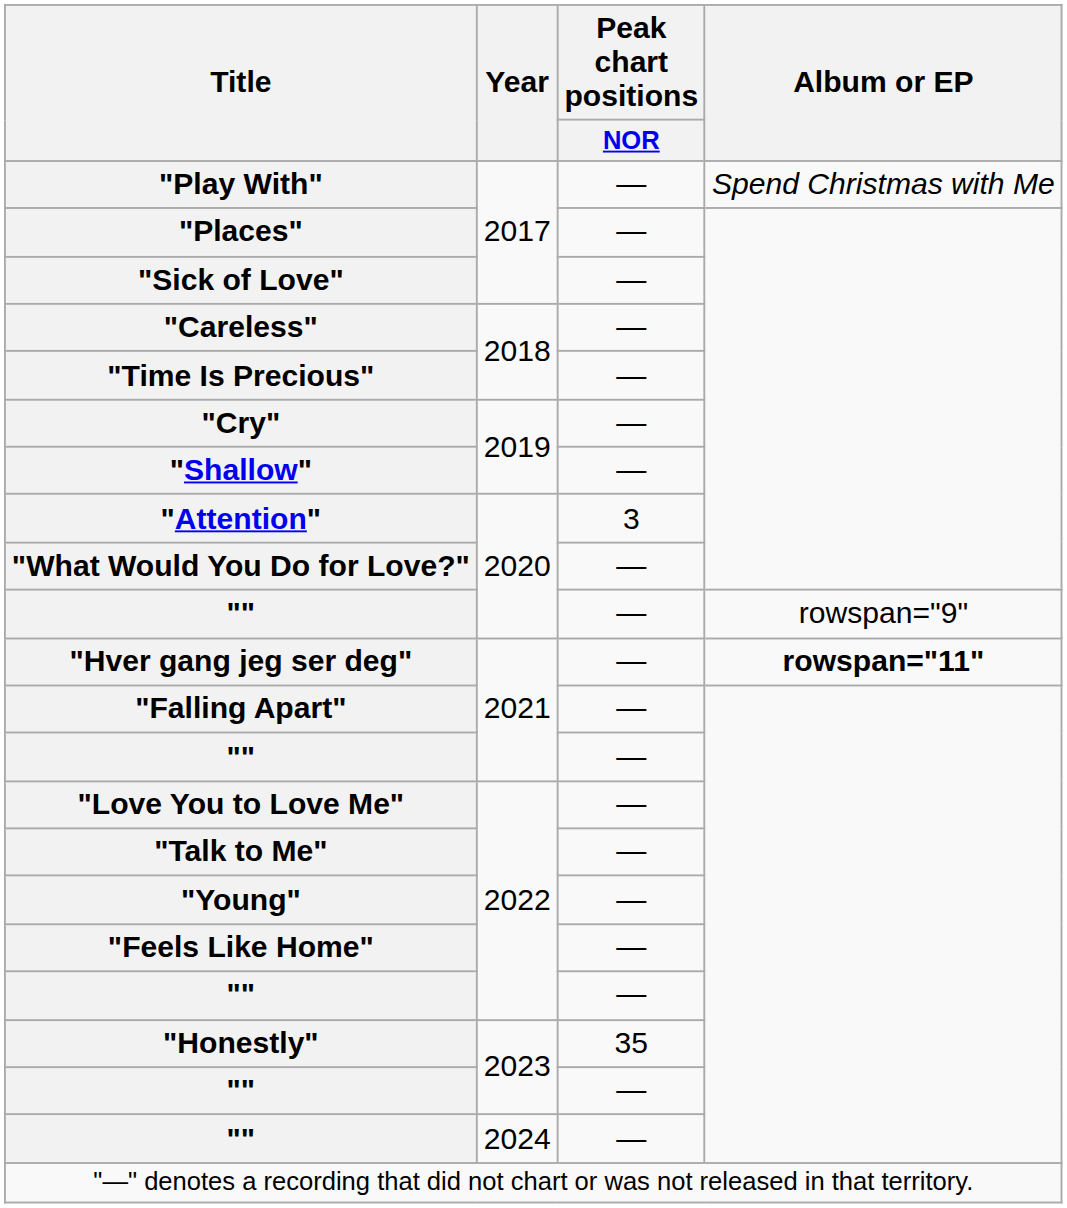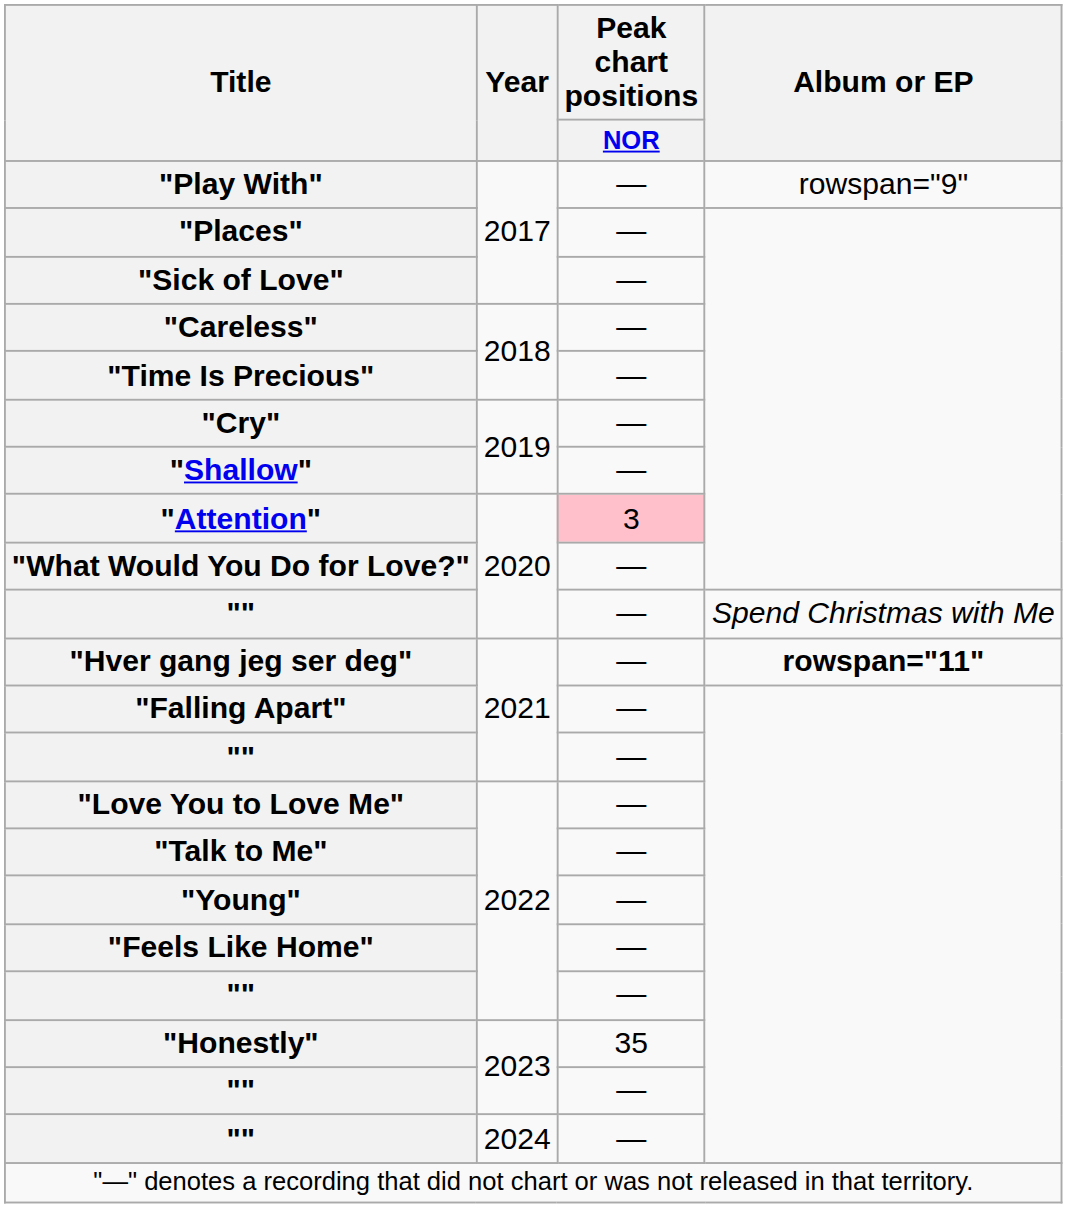 <table class="wikitable plainrowheaders" style="text-align:center;">
 <tr>
 <th scope="col" rowspan="2">Title</th>
 <th scope="col" rowspan="2">Year</th>
 <th scope="col" colspan="1">Peak chart positions</th>
 <th scope="col" rowspan="2">Album or EP</th>
 </tr>
 <tr>
 <th scope="col" style="width:3em;font-size:85%;"><a href='#'>NOR</a><br></th>
 </tr>
 <tr>
 <th scope="row">"Play With"</th>
 <td rowspan="3">2017</td>
 <td>—</td>
-<td><em>Spend Christmas with Me</em></td>
+<td>rowspan="9" </td>
 </tr>
 <tr>
 <th scope="row">"Places"</th>
 <td>—</td>
 </tr>
 <tr>
 <th scope="row">"Sick of Love"</th>
 <td>—</td>
 </tr>
 <tr>
 <th scope="row">"Careless"</th>
 <td rowspan="2">2018</td>
 <td>—</td>
 </tr>
 <tr>
 <th scope="row">"Time Is Precious"</th>
 <td>—</td>
 </tr>
 <tr>
 <th scope="row">"Cry"</th>
 <td rowspan="2">2019</td>
 <td>—</td>
 </tr>
 <tr>
 <th scope="row">"<a href='#'>Shallow</a>"<br></th>
 <td>—</td>
 </tr>
 <tr>
 <th scope="row">"<a href='#'>Attention</a>"</th>
 <td rowspan="3">2020</td>
-<td>3</td>
+<td style="background: pink;">3</td>
 </tr>
 <tr>
 <th scope="row">"What Would You Do for Love?"</th>
 <td>—</td>
 </tr>
 <tr>
 <th scope="row">""<br></th>
 <td>—</td>
-<td>rowspan="9" </td>
+<td><em>Spend Christmas with Me</em></td>
 </tr>
 <tr>
 <th scope="row">"Hver gang jeg ser deg"<br></th>
 <td rowspan="3">2021</td>
 <td>—</td>
 <td><strong>rowspan="11" </strong></td>
 </tr>
 <tr>
 <th scope="row">"Falling Apart"</th>
 <td>—</td>
 </tr>
 <tr>
 <th scope="row">""</th>
 <td>—</td>
 </tr>
 <tr>
 <th scope="row">"Love You to Love Me"</th>
 <td rowspan="5">2022</td>
 <td>—</td>
 </tr>
 <tr>
 <th scope="row">"Talk to Me"</th>
 <td>—</td>
 </tr>
 <tr>
 <th scope="row">"Young"</th>
 <td>—</td>
 </tr>
 <tr>
 <th scope="row">"Feels Like Home"</th>
 <td>—</td>
 </tr>
 <tr>
 <th scope="row ">""</th>
 <td>—</td>
 </tr>
 <tr>
 <th scope="row">"Honestly"</th>
 <td rowspan="2">2023</td>
 <td>35</td>
 </tr>
 <tr>
 <th scope="row">""</th>
 <td>—</td>
 </tr>
 <tr>
 <th scope="row">""</th>
 <td>2024</td>
 <td>—</td>
 </tr>
 <tr>
 <td style="font-size:85%;" colspan="22">"—" denotes a recording that did not chart or was not released in that territory.</td>
 </tr>
 </table>
